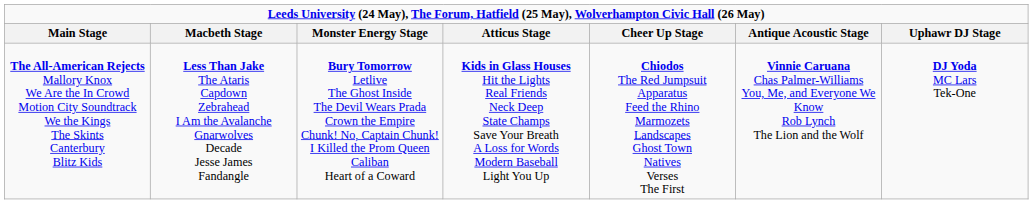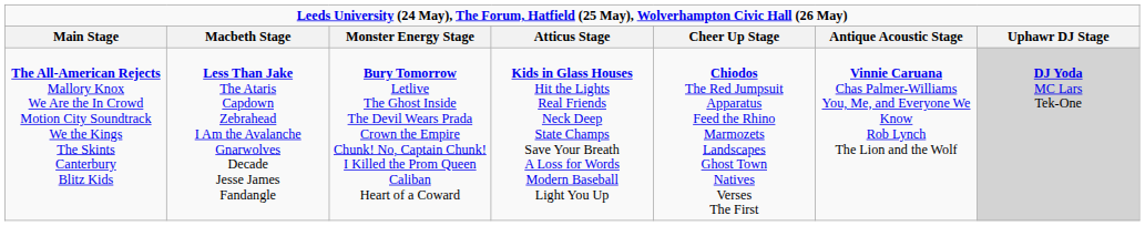 <table class="wikitable">
 <tr>
 <td colspan="7" style="text-align:center;"><strong><a href='#'>Leeds University</a> (24 May), <a href='#'>The Forum, Hatfield</a> (25 May), <a href='#'>Wolverhampton Civic Hall</a> (26 May)</strong></td>
 </tr>
 <tr>
 <th>Main Stage</th>
 <th>Macbeth Stage</th>
 <th>Monster Energy Stage</th>
 <th>Atticus Stage</th>
 <th>Cheer Up Stage</th>
 <th>Antique Acoustic Stage</th>
 <th>Uphawr DJ Stage</th>
 </tr>
 <tr>
 <td valign="top" align="center" width=185><br><strong><a href='#'>The All-American Rejects</a></strong> <br><a href='#'>Mallory Knox</a> <br><a href='#'>We Are the In Crowd</a> <br><a href='#'>Motion City Soundtrack</a> <br><a href='#'>We the Kings</a> <br><a href='#'>The Skints</a> <br><a href='#'>Canterbury</a> <br><a href='#'>Blitz Kids</a></td>
 <td valign="top" align="center" width=185><br><strong><a href='#'>Less Than Jake</a></strong> <br><a href='#'>The Ataris</a> <br><a href='#'>Capdown</a> <br><a href='#'>Zebrahead</a> <br><a href='#'>I Am the Avalanche</a> <br><a href='#'>Gnarwolves</a> <br>Decade <br>Jesse James <br>Fandangle</td>
 <td valign="top" align="center" width=185><br><strong><a href='#'>Bury Tomorrow</a></strong> <br><a href='#'>Letlive</a> <br><a href='#'>The Ghost Inside</a> <br><a href='#'>The Devil Wears Prada</a> <br><a href='#'>Crown the Empire</a> <br><a href='#'>Chunk! No, Captain Chunk!</a> <br><a href='#'>I Killed the Prom Queen</a> <br><a href='#'>Caliban</a> <br>Heart of a Coward</td>
 <td valign="top" align="center" width=185><br><strong><a href='#'>Kids in Glass Houses</a></strong> <br><a href='#'>Hit the Lights</a> <br><a href='#'>Real Friends</a> <br><a href='#'>Neck Deep</a> <br><a href='#'>State Champs</a> <br>Save Your Breath <br><a href='#'>A Loss for Words</a> <br><a href='#'>Modern Baseball</a> <br>Light You Up</td>
 <td valign="top" align="center" width=185><br><strong><a href='#'>Chiodos</a></strong> <br><a href='#'>The Red Jumpsuit Apparatus</a> <br><a href='#'>Feed the Rhino</a> <br><a href='#'>Marmozets</a> <br><a href='#'>Landscapes</a> <br><a href='#'>Ghost Town</a> <br><a href='#'>Natives</a> <br>Verses <br>The First</td>
 <td valign="top" align="center" width=185><br><strong><a href='#'>Vinnie Caruana</a></strong> <br><a href='#'>Chas Palmer-Williams</a> <br><a href='#'>You, Me, and Everyone We Know</a> <br><a href='#'>Rob Lynch</a> <br>The Lion and the Wolf</td>
-<td valign="top" align="center" width=185><br><strong><a href='#'>DJ Yoda</a></strong> <br><a href='#'>MC Lars</a> <br>Tek-One</td>
+<td valign="top" align="center" width=185 style="background: lightgrey;"><br><strong><a href='#'>DJ Yoda</a></strong> <br><a href='#'>MC Lars</a> <br>Tek-One</td>
 </tr>
 </table>
